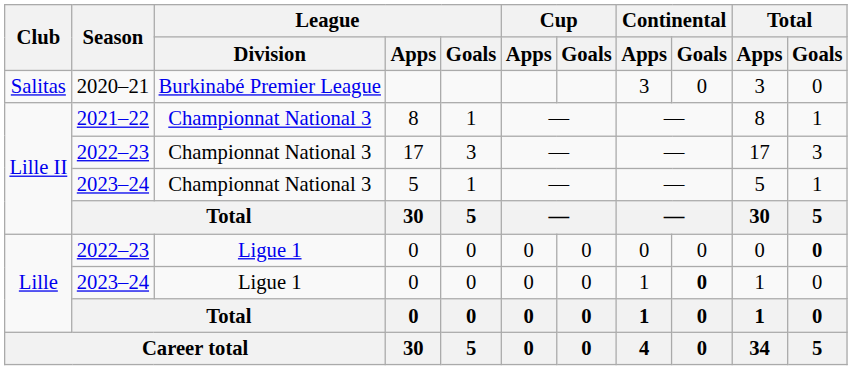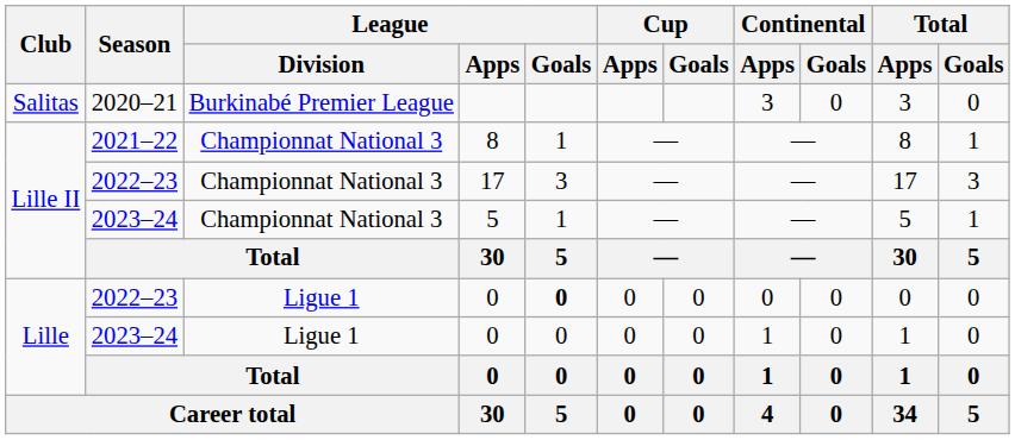 <table class="wikitable" style="text-align:center">
 <tr>
 <th rowspan="2">Club</th>
 <th rowspan="2">Season</th>
 <th colspan="3">League</th>
 <th colspan="2">Cup</th>
 <th colspan="2">Continental</th>
 <th colspan="2">Total</th>
 </tr>
 <tr>
 <th>Division</th>
 <th>Apps</th>
 <th>Goals</th>
 <th>Apps</th>
 <th>Goals</th>
 <th>Apps</th>
 <th>Goals</th>
 <th>Apps</th>
 <th>Goals</th>
 </tr>
 <tr>
 <td><a href='#'>Salitas</a></td>
 <td>2020–21</td>
 <td><a href='#'>Burkinabé Premier League</a></td>
 <td></td>
 <td></td>
 <td></td>
 <td></td>
 <td>3</td>
 <td>0</td>
 <td>3</td>
 <td>0</td>
 </tr>
 <tr>
 <td rowspan="4"><a href='#'>Lille II</a></td>
 <td><a href='#'>2021–22</a></td>
 <td><a href='#'>Championnat National 3</a></td>
 <td>8</td>
 <td>1</td>
 <td colspan="2">—</td>
 <td colspan="2">—</td>
 <td>8</td>
 <td>1</td>
 </tr>
 <tr>
 <td><a href='#'>2022–23</a></td>
 <td>Championnat National 3</td>
 <td>17</td>
 <td>3</td>
 <td colspan="2">—</td>
 <td colspan="2">—</td>
 <td>17</td>
 <td>3</td>
 </tr>
 <tr>
 <td><a href='#'>2023–24</a></td>
 <td>Championnat National 3</td>
 <td>5</td>
 <td>1</td>
 <td colspan="2">—</td>
 <td colspan="2">—</td>
 <td>5</td>
 <td>1</td>
 </tr>
 <tr>
 <th colspan="2">Total</th>
 <th>30</th>
 <th>5</th>
 <th colspan="2">—</th>
 <th colspan="2">—</th>
 <th>30</th>
 <th>5</th>
 </tr>
 <tr>
 <td rowspan="3"><a href='#'>Lille</a></td>
 <td><a href='#'>2022–23</a></td>
 <td><a href='#'>Ligue 1</a></td>
 <td>0</td>
+<td><strong>0</strong></td>
 <td>0</td>
 <td>0</td>
 <td>0</td>
 <td>0</td>
 <td>0</td>
 <td>0</td>
-<td><strong>0</strong></td>
 </tr>
 <tr>
 <td><a href='#'>2023–24</a></td>
 <td>Ligue 1</td>
 <td>0</td>
 <td>0</td>
 <td>0</td>
 <td>0</td>
 <td>1</td>
-<td><strong>0</strong></td>
+<td>0</td>
 <td>1</td>
 <td>0</td>
 </tr>
 <tr>
 <th colspan="2">Total</th>
 <th>0</th>
 <th>0</th>
 <th>0</th>
 <th>0</th>
 <th>1</th>
 <th>0</th>
 <th>1</th>
 <th>0</th>
 </tr>
 <tr>
 <th colspan="3">Career total</th>
 <th>30</th>
 <th>5</th>
 <th>0</th>
 <th>0</th>
 <th>4</th>
 <th>0</th>
 <th>34</th>
 <th>5</th>
 </tr>
 </table>
